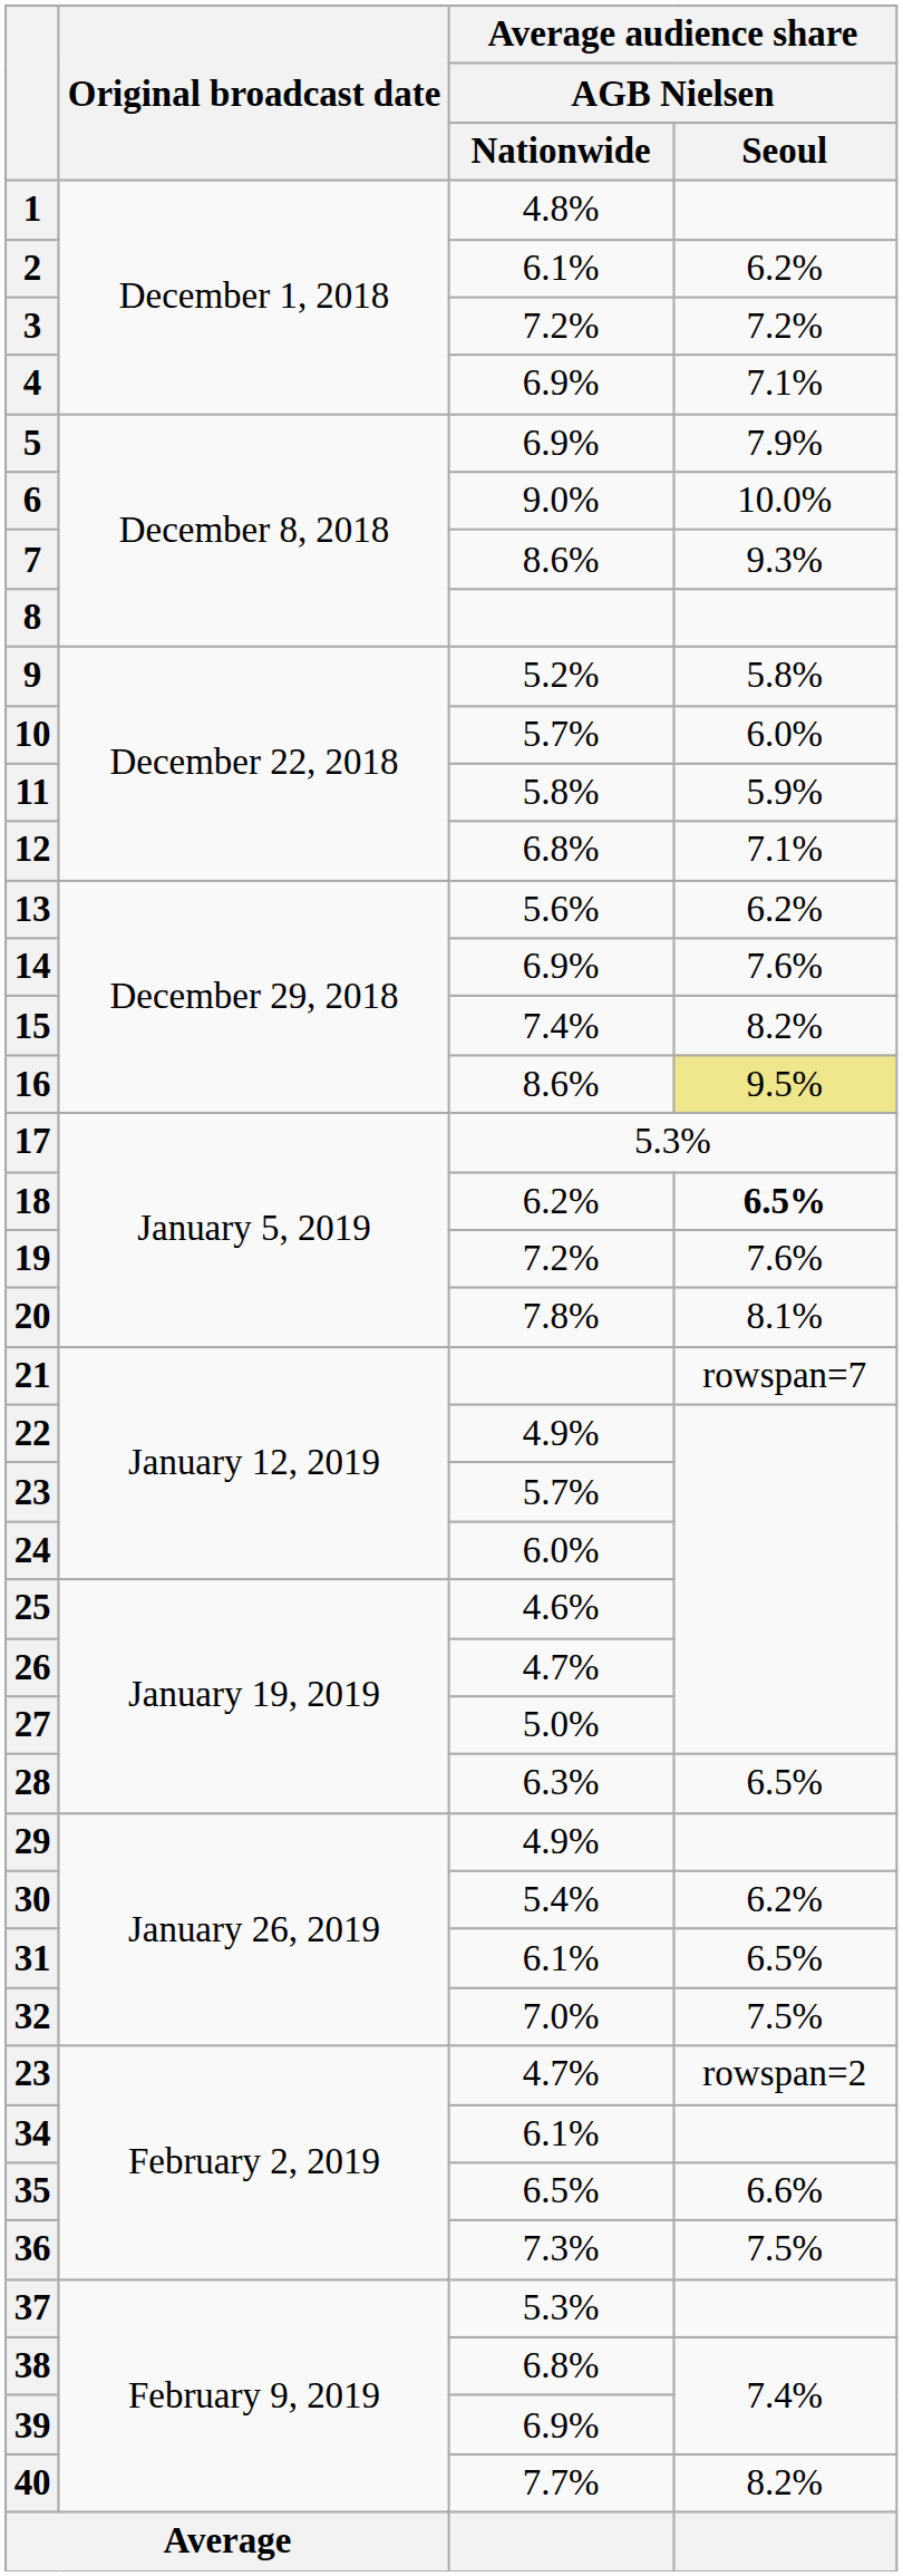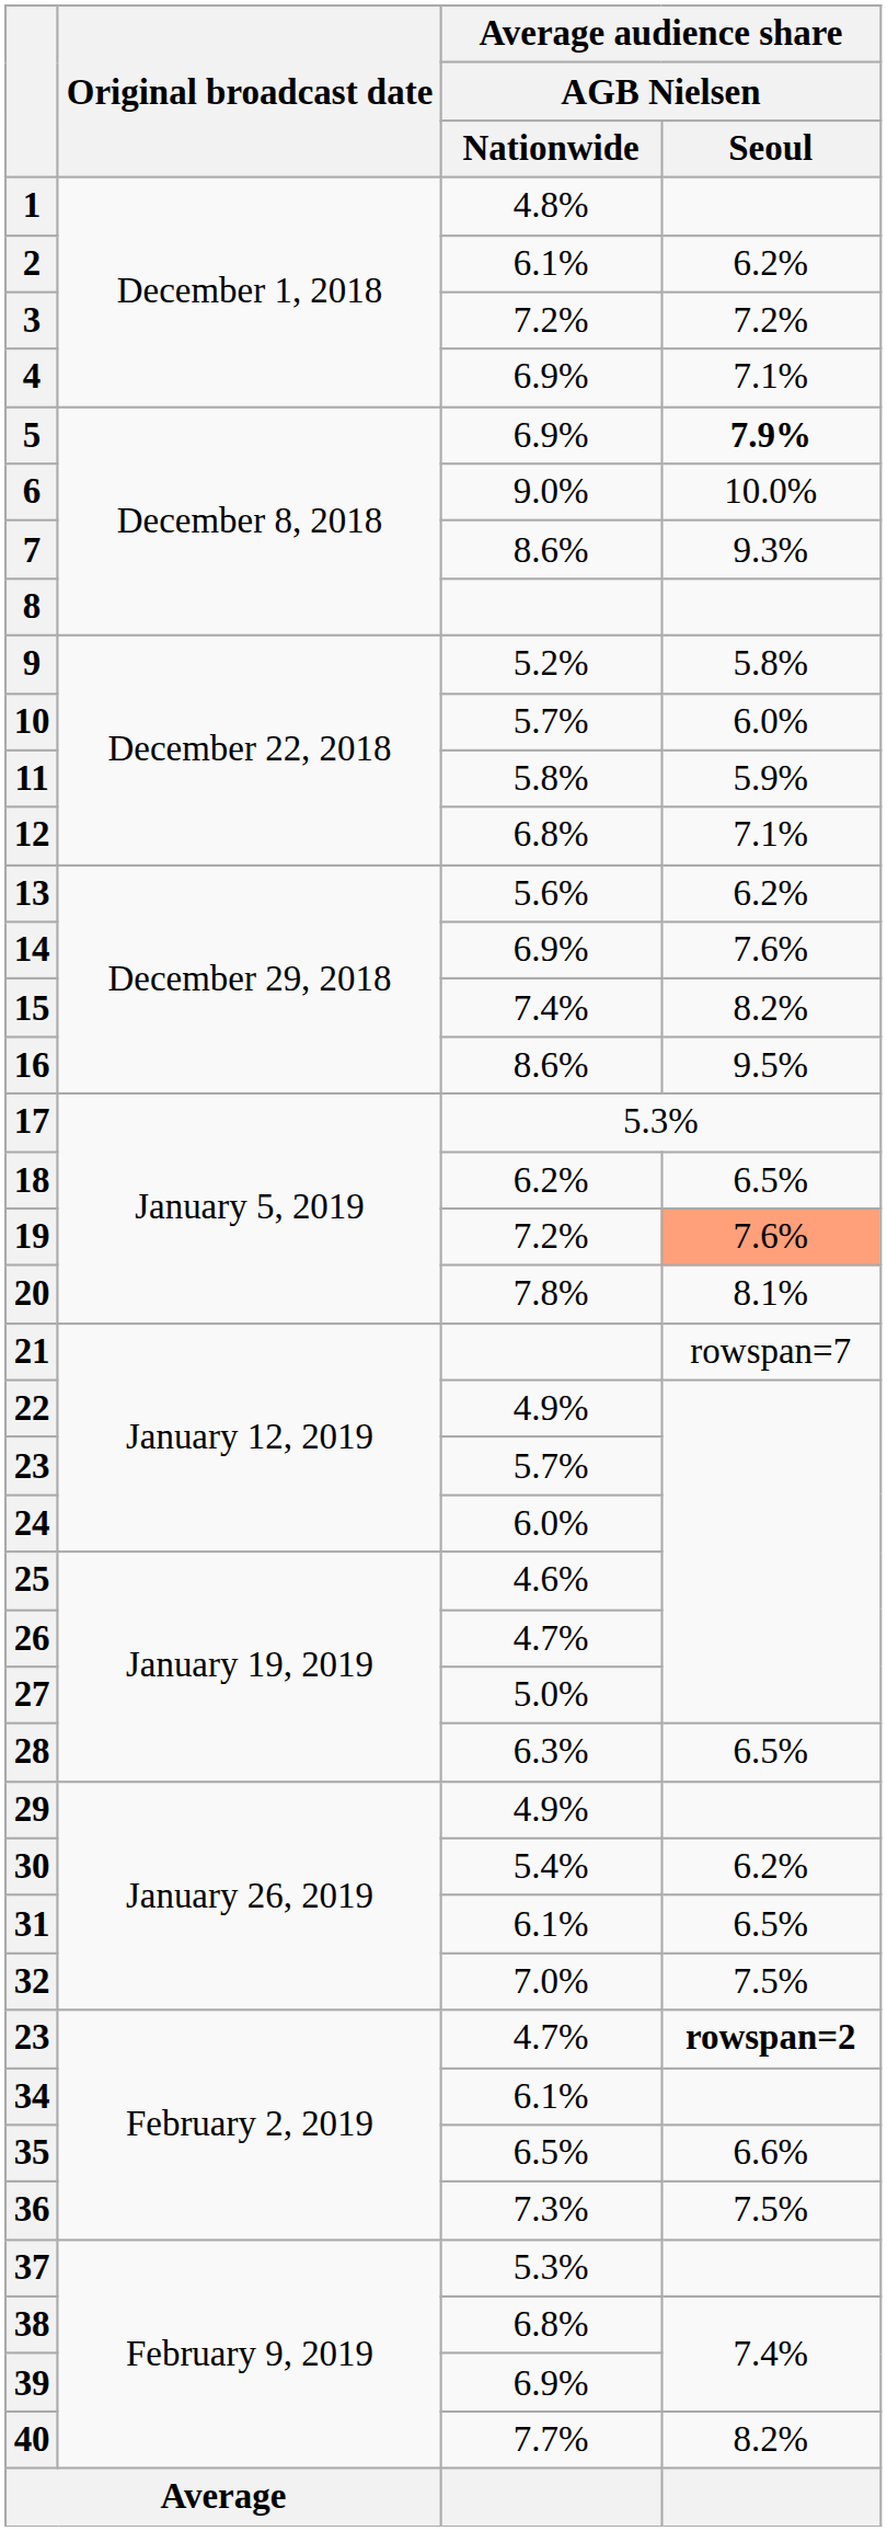 <table class="wikitable" style="text-align:center">
 <tr>
 <th rowspan="3"></th>
 <th rowspan="3">Original broadcast date</th>
 <th colspan="5">Average audience share</th>
 </tr>
 <tr>
 <th colspan="2">AGB Nielsen</th>
 </tr>
 <tr>
 <th width="90">Nationwide</th>
 <th width="90">Seoul</th>
 </tr>
 <tr>
 <th>1</th>
 <td rowspan="4">December 1, 2018</td>
 <td>4.8% </td>
 <td> </td>
 </tr>
 <tr>
 <th>2</th>
 <td>6.1% </td>
 <td>6.2% </td>
 </tr>
 <tr>
 <th>3</th>
 <td>7.2% </td>
 <td>7.2% </td>
 </tr>
 <tr>
 <th>4</th>
 <td>6.9% </td>
 <td>7.1% </td>
 </tr>
 <tr>
 <th>5</th>
 <td rowspan="4">December 8, 2018</td>
 <td>6.9% </td>
-<td>7.9% </td>
+<td><strong>7.9% </strong></td>
 </tr>
 <tr>
 <th>6</th>
 <td>9.0% </td>
 <td>10.0% </td>
 </tr>
 <tr>
 <th>7</th>
 <td>8.6% </td>
 <td>9.3% </td>
 </tr>
 <tr>
 <th>8</th>
 <td> </td>
 <td> </td>
 </tr>
 <tr>
 <th>9</th>
 <td rowspan="4">December 22, 2018</td>
 <td>5.2% </td>
 <td>5.8% </td>
 </tr>
 <tr>
 <th>10</th>
 <td>5.7% </td>
 <td>6.0% </td>
 </tr>
 <tr>
 <th>11</th>
 <td>5.8% </td>
 <td>5.9% </td>
 </tr>
 <tr>
 <th>12</th>
 <td>6.8% </td>
 <td>7.1% </td>
 </tr>
 <tr>
 <th>13</th>
 <td rowspan="4">December 29, 2018</td>
 <td>5.6% </td>
 <td>6.2% </td>
 </tr>
 <tr>
 <th>14</th>
 <td>6.9% </td>
 <td>7.6% </td>
 </tr>
 <tr>
 <th>15</th>
 <td>7.4% </td>
 <td>8.2% </td>
 </tr>
 <tr>
 <th>16</th>
 <td>8.6% </td>
-<td style="background: khaki;">9.5% </td>
+<td>9.5% </td>
 </tr>
 <tr>
 <th>17</th>
 <td rowspan="4">January 5, 2019</td>
 <td colspan="2">5.3% </td>
 </tr>
 <tr>
 <th>18</th>
 <td>6.2% </td>
-<td><strong>6.5% </strong></td>
+<td>6.5% </td>
 </tr>
 <tr>
 <th>19</th>
 <td>7.2% </td>
-<td>7.6% </td>
+<td style="background: lightsalmon;">7.6% </td>
 </tr>
 <tr>
 <th>20</th>
 <td>7.8% </td>
 <td>8.1% </td>
 </tr>
 <tr>
 <th>21</th>
 <td rowspan="4">January 12, 2019</td>
 <td> </td>
 <td>rowspan=7 </td>
 </tr>
 <tr>
 <th>22</th>
 <td>4.9% </td>
 </tr>
 <tr>
 <th>23</th>
 <td>5.7% </td>
 </tr>
 <tr>
 <th>24</th>
 <td>6.0% </td>
 </tr>
 <tr>
 <th>25</th>
 <td rowspan="4">January 19, 2019</td>
 <td>4.6% </td>
 </tr>
 <tr>
 <th>26</th>
 <td>4.7% </td>
 </tr>
 <tr>
 <th>27</th>
 <td>5.0% </td>
 </tr>
 <tr>
 <th>28</th>
 <td>6.3% </td>
 <td>6.5% </td>
 </tr>
 <tr>
 <th>29</th>
 <td rowspan="4">January 26, 2019</td>
 <td>4.9% </td>
 <td></td>
 </tr>
 <tr>
 <th>30</th>
 <td>5.4% </td>
 <td>6.2% </td>
 </tr>
 <tr>
 <th>31</th>
 <td>6.1% </td>
 <td>6.5% </td>
 </tr>
 <tr>
 <th>32</th>
 <td>7.0% </td>
 <td>7.5% </td>
 </tr>
 <tr>
 <th>23</th>
 <td rowspan="4">February 2, 2019</td>
 <td>4.7% </td>
-<td>rowspan=2 </td>
+<td><strong>rowspan=2 </strong></td>
 </tr>
 <tr>
 <th>34</th>
 <td>6.1% </td>
 </tr>
 <tr>
 <th>35</th>
 <td>6.5% </td>
 <td>6.6% </td>
 </tr>
 <tr>
 <th>36</th>
 <td>7.3% </td>
 <td>7.5% </td>
 </tr>
 <tr>
 <th>37</th>
 <td rowspan="4">February 9, 2019</td>
 <td>5.3% </td>
 <td></td>
 </tr>
 <tr>
 <th>38</th>
 <td>6.8% </td>
 <td rowspan="2">7.4% </td>
 </tr>
 <tr>
 <th>39</th>
 <td>6.9% </td>
 </tr>
 <tr>
 <th>40</th>
 <td>7.7% </td>
 <td>8.2% </td>
 </tr>
 <tr>
 <th colspan="2">Average</th>
 <th></th>
 <th></th>
 </tr>
 </table>
